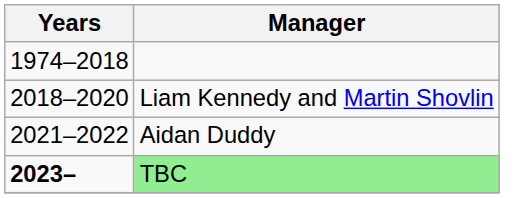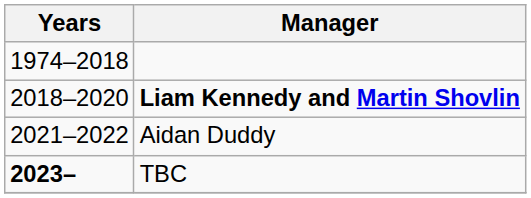 <table class="wikitable">
 <tr>
 <th>Years</th>
 <th>Manager</th>
 </tr>
 <tr>
 <td>1974–2018</td>
 <td></td>
 </tr>
 <tr>
 <td>2018–2020</td>
-<td>Liam Kennedy and <a href='#'>Martin Shovlin</a></td>
+<td><strong>Liam Kennedy and <a href='#'>Martin Shovlin</a></strong></td>
 </tr>
 <tr>
 <td>2021–2022</td>
 <td>Aidan Duddy</td>
 </tr>
 <tr>
 <td><strong>2023–</strong></td>
-<td style="background: lightgreen;">TBC</td>
+<td>TBC</td>
 </tr>
 <tr>
 </tr>
 </table>
